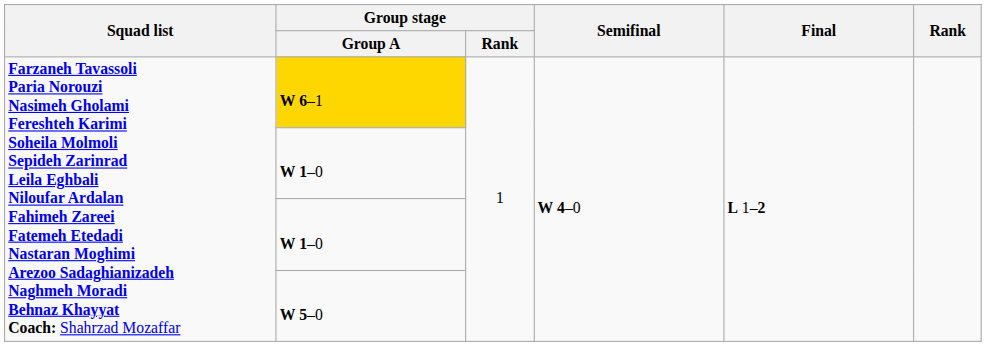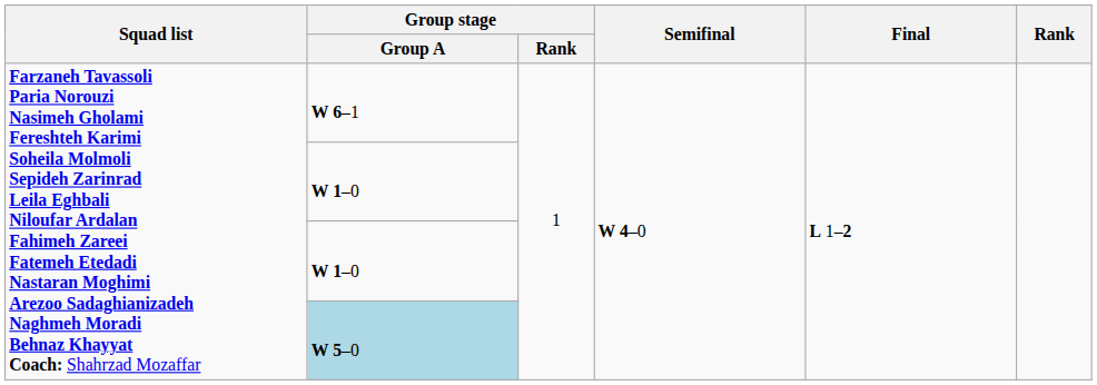 <table class="wikitable" width="71%" style="text-align:left; font-size:90%">
 <tr>
 <th rowspan="2" width="20%">Squad list</th>
 <th colspan="2">Group stage</th>
 <th rowspan="2" width="14%">Semifinal</th>
 <th rowspan="2" width="14%">Final</th>
 <th rowspan="2" width="5%">Rank</th>
 </tr>
 <tr>
 <th width="14%">Group A</th>
 <th width="5%">Rank</th>
 </tr>
 <tr>
 <td rowspan="4"><strong><a href='#'>Farzaneh Tavassoli</a><br><a href='#'>Paria Norouzi</a><br><a href='#'>Nasimeh Gholami</a><br><a href='#'>Fereshteh Karimi</a><br><a href='#'>Soheila Molmoli</a><br><a href='#'>Sepideh Zarinrad</a><br><a href='#'>Leila Eghbali</a><br><a href='#'>Niloufar Ardalan</a><br><a href='#'>Fahimeh Zareei</a><br><a href='#'>Fatemeh Etedadi</a><br><a href='#'>Nastaran Moghimi</a><br><a href='#'>Arezoo Sadaghianizadeh</a><br><a href='#'>Naghmeh Moradi</a><br><a href='#'>Behnaz Khayyat</a><br>Coach:</strong> <a href='#'>Shahrzad Mozaffar</a></td>
-<td style="background: gold;"><br><strong>W</strong> <strong>6</strong>–1</td>
+<td><br><strong>W</strong> <strong>6</strong>–1</td>
 <td rowspan="4" align=center>1 <strong></strong></td>
 <td rowspan="4"><br><strong>W</strong> <strong>4</strong>–0</td>
 <td rowspan="4"><br><strong>L</strong> 1–<strong>2</strong></td>
 <td rowspan="4" align="center"></td>
 </tr>
 <tr>
 <td><br><strong>W</strong> <strong>1</strong>–0</td>
 </tr>
 <tr>
 <td><br><strong>W</strong> <strong>1</strong>–0</td>
 </tr>
 <tr>
-<td><br><strong>W</strong> <strong>5</strong>–0</td>
+<td style="background: lightblue;"><br><strong>W</strong> <strong>5</strong>–0</td>
 </tr>
 </table>
